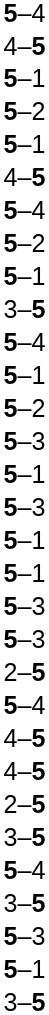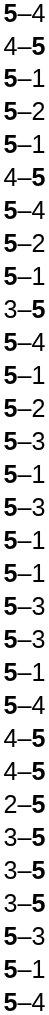 <table width="100%" cellspacing="1">
 <tr>
 <th width=45%></th>
 <th width=10%></th>
 <th width=45%></th>
 </tr>
 <tr>
 <td></td>
 <td align="center"></td>
 <td><strong></strong></td>
 </tr>
 <tr>
 <td></td>
 <td align="center"><strong>5</strong>–4</td>
 <td><strong></strong></td>
 </tr>
 <tr>
 <td></td>
 <td align="center">4–<strong>5</strong></td>
 <td><strong> </strong></td>
 </tr>
 <tr>
 <td><strong></strong></td>
 <td align="center"><strong>5</strong>–1</td>
 <td></td>
 </tr>
 <tr>
 <td><strong></strong></td>
 <td align="center"><strong>5</strong>–2</td>
 <td></td>
 </tr>
 <tr>
 <td><strong></strong></td>
 <td align="center"><strong>5</strong>–1</td>
 <td></td>
 </tr>
 <tr>
 <td></td>
 <td align="center">4–<strong>5</strong></td>
 <td><strong></strong></td>
 </tr>
 <tr>
 <td></td>
 <td align="center"><strong>5</strong>–4</td>
 <td><strong></strong></td>
 </tr>
 <tr>
 <td><strong></strong></td>
 <td align="center"><strong>5</strong>–2</td>
 <td></td>
 </tr>
 <tr>
 <td><strong></strong></td>
 <td align="center"><strong>5</strong>–1</td>
 <td></td>
 </tr>
 <tr>
 <td><strong></strong></td>
 <td align="center">3–<strong>5</strong></td>
 <td></td>
 </tr>
 <tr>
 <td><strong> </strong></td>
 <td align="center"><strong>5</strong>–4</td>
 <td></td>
 </tr>
 <tr>
 <td><strong></strong></td>
 <td align="center"><strong>5</strong>–1</td>
 <td></td>
 </tr>
 <tr>
 <td></td>
 <td align="center"><strong>5</strong>–2</td>
 <td><strong></strong></td>
 </tr>
 <tr>
 <td><strong></strong></td>
 <td align="center"><strong>5</strong>–3</td>
 <td></td>
 </tr>
 <tr>
 <td><strong></strong></td>
 <td align="center"><strong>5</strong>–1</td>
 <td></td>
 </tr>
 <tr>
 <td><strong></strong></td>
 <td align="center"><strong>5</strong>–3</td>
 <td></td>
 </tr>
 <tr>
 <td><strong></strong></td>
 <td align="center"><strong>5</strong>–1</td>
 <td></td>
 </tr>
 <tr>
 <td><strong></strong></td>
 <td align="center"><strong>5</strong>–1</td>
 <td></td>
 </tr>
 <tr>
 <td><strong></strong></td>
 <td align="center"><strong>5</strong>–3</td>
 <td></td>
 </tr>
 <tr>
 <td><strong></strong></td>
 <td align="center"><strong>5</strong>–3</td>
 <td></td>
 </tr>
 <tr>
 <td></td>
-<td align="center">2–<strong>5</strong></td>
+<td align="center"><strong>5</strong>–1</td>
 <td><strong></strong></td>
 </tr>
 <tr>
 <td><strong></strong></td>
 <td align="center"><strong>5</strong>–4</td>
 <td></td>
 </tr>
 <tr>
 <td></td>
 <td align="center">4–<strong>5</strong></td>
 <td><strong></strong></td>
 </tr>
 <tr>
 <td></td>
 <td align="center">4–<strong>5</strong></td>
 <td><strong></strong></td>
 </tr>
 <tr>
 <td></td>
 <td align="center">2–<strong>5</strong></td>
 <td><strong></strong></td>
 </tr>
 <tr>
 <td></td>
 <td align="center">3–<strong>5</strong></td>
 <td><strong></strong></td>
 </tr>
 <tr>
 <td><strong></strong></td>
-<td align="center"><strong>5</strong>–4</td>
+<td align="center">3–<strong>5</strong></td>
 <td></td>
 </tr>
 <tr>
 <td><strong></strong></td>
 <td align="center">3–<strong>5</strong></td>
 <td></td>
 </tr>
 <tr>
 <td><strong></strong></td>
 <td align="center"><strong>5</strong>–3</td>
 <td></td>
 </tr>
 <tr>
 <td><strong></strong></td>
 <td align="center"><strong>5</strong>–1</td>
 <td></td>
 </tr>
 <tr>
 <td></td>
-<td align="center">3–<strong>5</strong></td>
+<td align="center"><strong>5</strong>–4</td>
 <td><strong></strong></td>
 </tr>
 </table>
